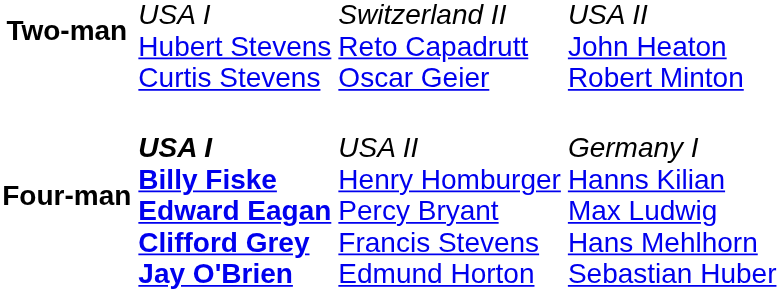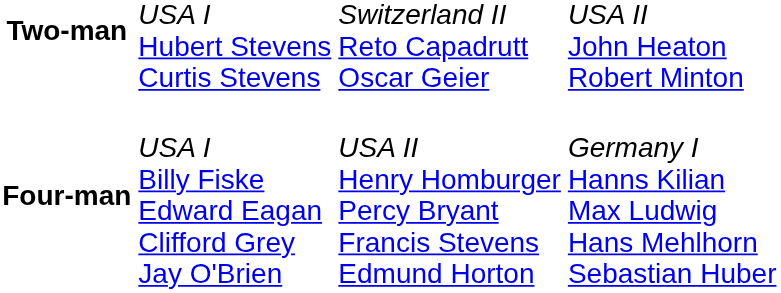 <table>
 <tr>
 <th scope="row">Two-man<br></th>
 <td><br><em>USA I</em><br><a href='#'>Hubert Stevens</a><br><a href='#'>Curtis Stevens</a><br></td>
 <td><br><em>Switzerland II</em><br><a href='#'>Reto Capadrutt</a><br><a href='#'>Oscar Geier</a><br></td>
 <td><br><em>USA II</em><br><a href='#'>John Heaton</a><br><a href='#'>Robert Minton</a><br></td>
 </tr>
 <tr>
 <th scope="row">Four-man<br></th>
-<td><strong><br><em>USA I</em><br><a href='#'>Billy Fiske</a><br><a href='#'>Edward Eagan</a><br><a href='#'>Clifford Grey</a><br><a href='#'>Jay O'Brien</a></strong></td>
+<td><br><em>USA I</em><br><a href='#'>Billy Fiske</a><br><a href='#'>Edward Eagan</a><br><a href='#'>Clifford Grey</a><br><a href='#'>Jay O'Brien</a></td>
 <td><br><em>USA II</em><br><a href='#'>Henry Homburger</a><br><a href='#'>Percy Bryant</a><br><a href='#'>Francis Stevens</a><br><a href='#'>Edmund Horton</a><br></td>
 <td><br><em>Germany I</em><br><a href='#'>Hanns Kilian</a><br><a href='#'>Max Ludwig</a><br><a href='#'>Hans Mehlhorn</a><br><a href='#'>Sebastian Huber</a><br></td>
 </tr>
 </table>
